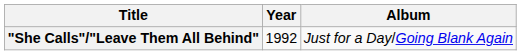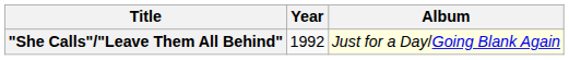 <table class="wikitable plainrowheaders" style="text-align:center">
 <tr>
 <th scope="col">Title</th>
 <th scope="col">Year</th>
 <th scope="col">Album</th>
 </tr>
 <tr>
 <th scope="row">"She Calls"/"Leave Them All Behind"<br></th>
 <td>1992</td>
-<td><em>Just for a Day</em>/<em><a href='#'>Going Blank Again</a></em></td>
+<td style="background: lightyellow;"><em>Just for a Day</em>/<em><a href='#'>Going Blank Again</a></em></td>
 </tr>
 </table>
